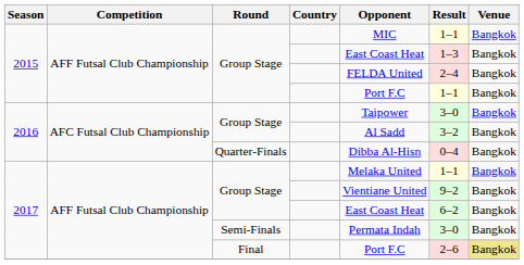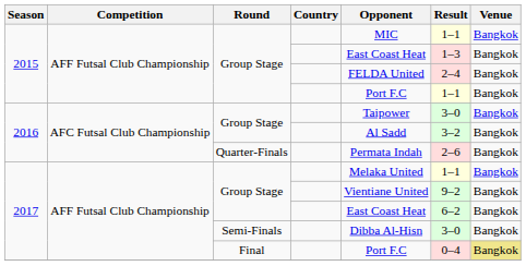 <table class="wikitable" style="text-align:center;">
 <tr>
 <th>Season</th>
 <th>Competition</th>
 <th>Round</th>
 <th>Country</th>
 <th>Opponent</th>
 <th>Result</th>
 <th>Venue</th>
 </tr>
 <tr>
 <td rowspan=4><a href='#'>2015</a></td>
 <td rowspan=4 align=center>AFF Futsal Club Championship</td>
 <td rowspan=4>Group Stage</td>
 <td align=center></td>
 <td><a href='#'>MIC</a></td>
 <td style="background:#ffd;">1–1</td>
 <td><a href='#'>Bangkok</a></td>
 </tr>
 <tr>
 <td align=center></td>
 <td><a href='#'>East Coast Heat</a></td>
 <td style="background:#fdd;">1–3</td>
 <td>Bangkok</td>
 </tr>
 <tr>
 <td align=center></td>
 <td><a href='#'>FELDA United</a></td>
 <td style="background:#fdd;">2–4</td>
 <td>Bangkok</td>
 </tr>
 <tr>
 <td align=center></td>
 <td><a href='#'>Port F.C</a></td>
 <td style="background:#ffd;">1–1</td>
 <td>Bangkok</td>
 </tr>
 <tr>
 <td rowspan=3><a href='#'>2016</a></td>
 <td rowspan=3 align=center>AFC Futsal Club Championship</td>
 <td rowspan=2>Group Stage</td>
 <td align=center></td>
 <td><a href='#'>Taipower</a></td>
 <td style="background:#dfd;">3–0</td>
 <td><a href='#'>Bangkok</a></td>
 </tr>
 <tr>
 <td align=center></td>
 <td><a href='#'>Al Sadd</a></td>
 <td style="background:#dfd;">3–2</td>
 <td>Bangkok</td>
 </tr>
 <tr>
 <td rowspan=1>Quarter-Finals</td>
 <td align=center></td>
-<td><a href='#'>Dibba Al-Hisn</a></td>
-<td style="background:#fdd;">0–4</td>
+<td><a href='#'>Permata Indah</a></td>
+<td style="background:#fdd;">2–6</td>
 <td>Bangkok</td>
 </tr>
 <tr>
 <td rowspan=5><a href='#'>2017</a></td>
 <td rowspan=5 align=center>AFF Futsal Club Championship</td>
 <td rowspan=3>Group Stage</td>
 <td align=center></td>
 <td><a href='#'>Melaka United</a></td>
 <td style="background:#ffd;">1–1</td>
 <td><a href='#'>Bangkok</a></td>
 </tr>
 <tr>
 <td align=center></td>
 <td><a href='#'>Vientiane United</a></td>
 <td style="background:#dfd;">9–2</td>
 <td>Bangkok</td>
 </tr>
 <tr>
 <td align=center></td>
 <td><a href='#'>East Coast Heat</a></td>
 <td style="background:#dfd;">6–2</td>
 <td>Bangkok</td>
 </tr>
 <tr>
 <td rowspan=1>Semi-Finals</td>
 <td align=center></td>
-<td><a href='#'>Permata Indah</a></td>
+<td><a href='#'>Dibba Al-Hisn</a></td>
 <td style="background:#dfd;">3–0</td>
 <td>Bangkok</td>
 </tr>
 <tr>
 <td rowspan=1>Final</td>
 <td align=center></td>
 <td><a href='#'>Port F.C</a></td>
-<td style="background:#fdd;">2–6</td>
+<td style="background:#fdd;">0–4</td>
 <td style="background: khaki;">Bangkok</td>
 </tr>
 <tr>
 </tr>
 </table>
